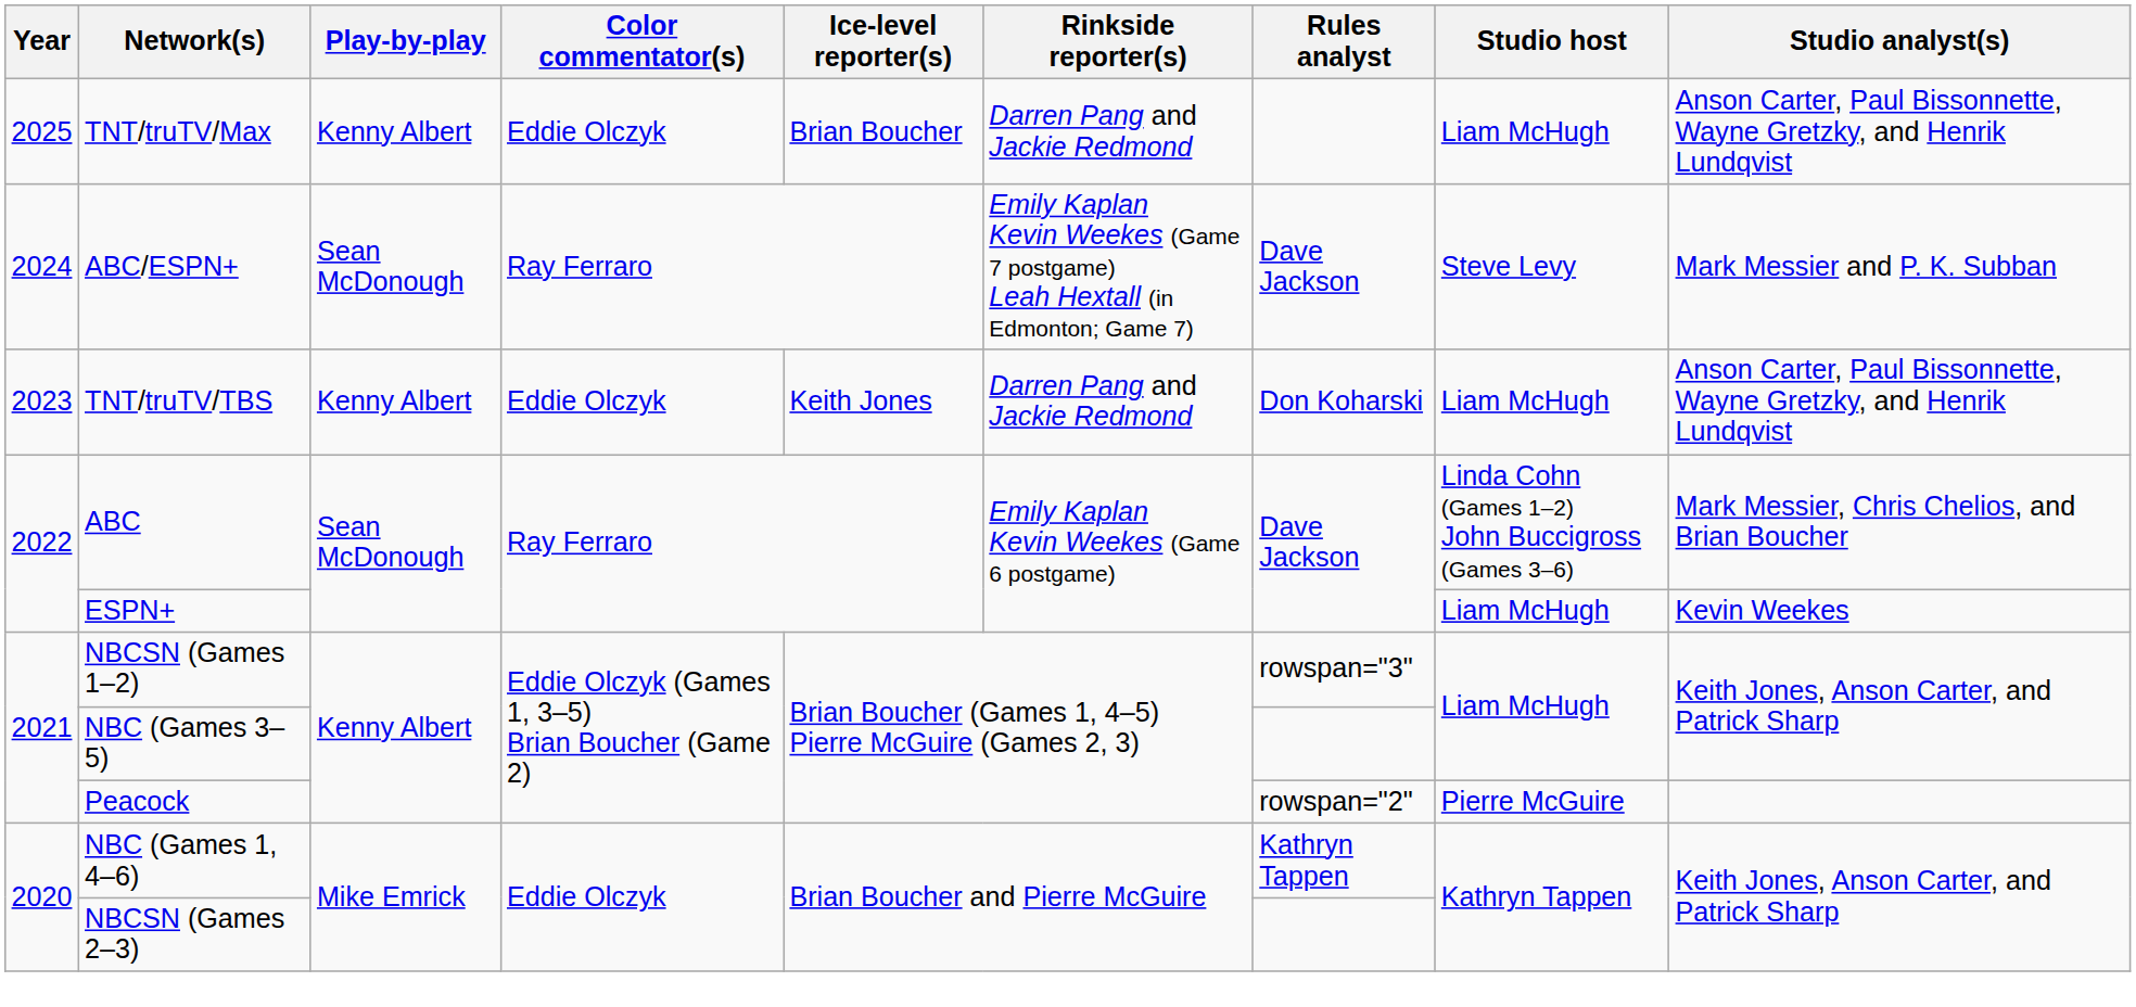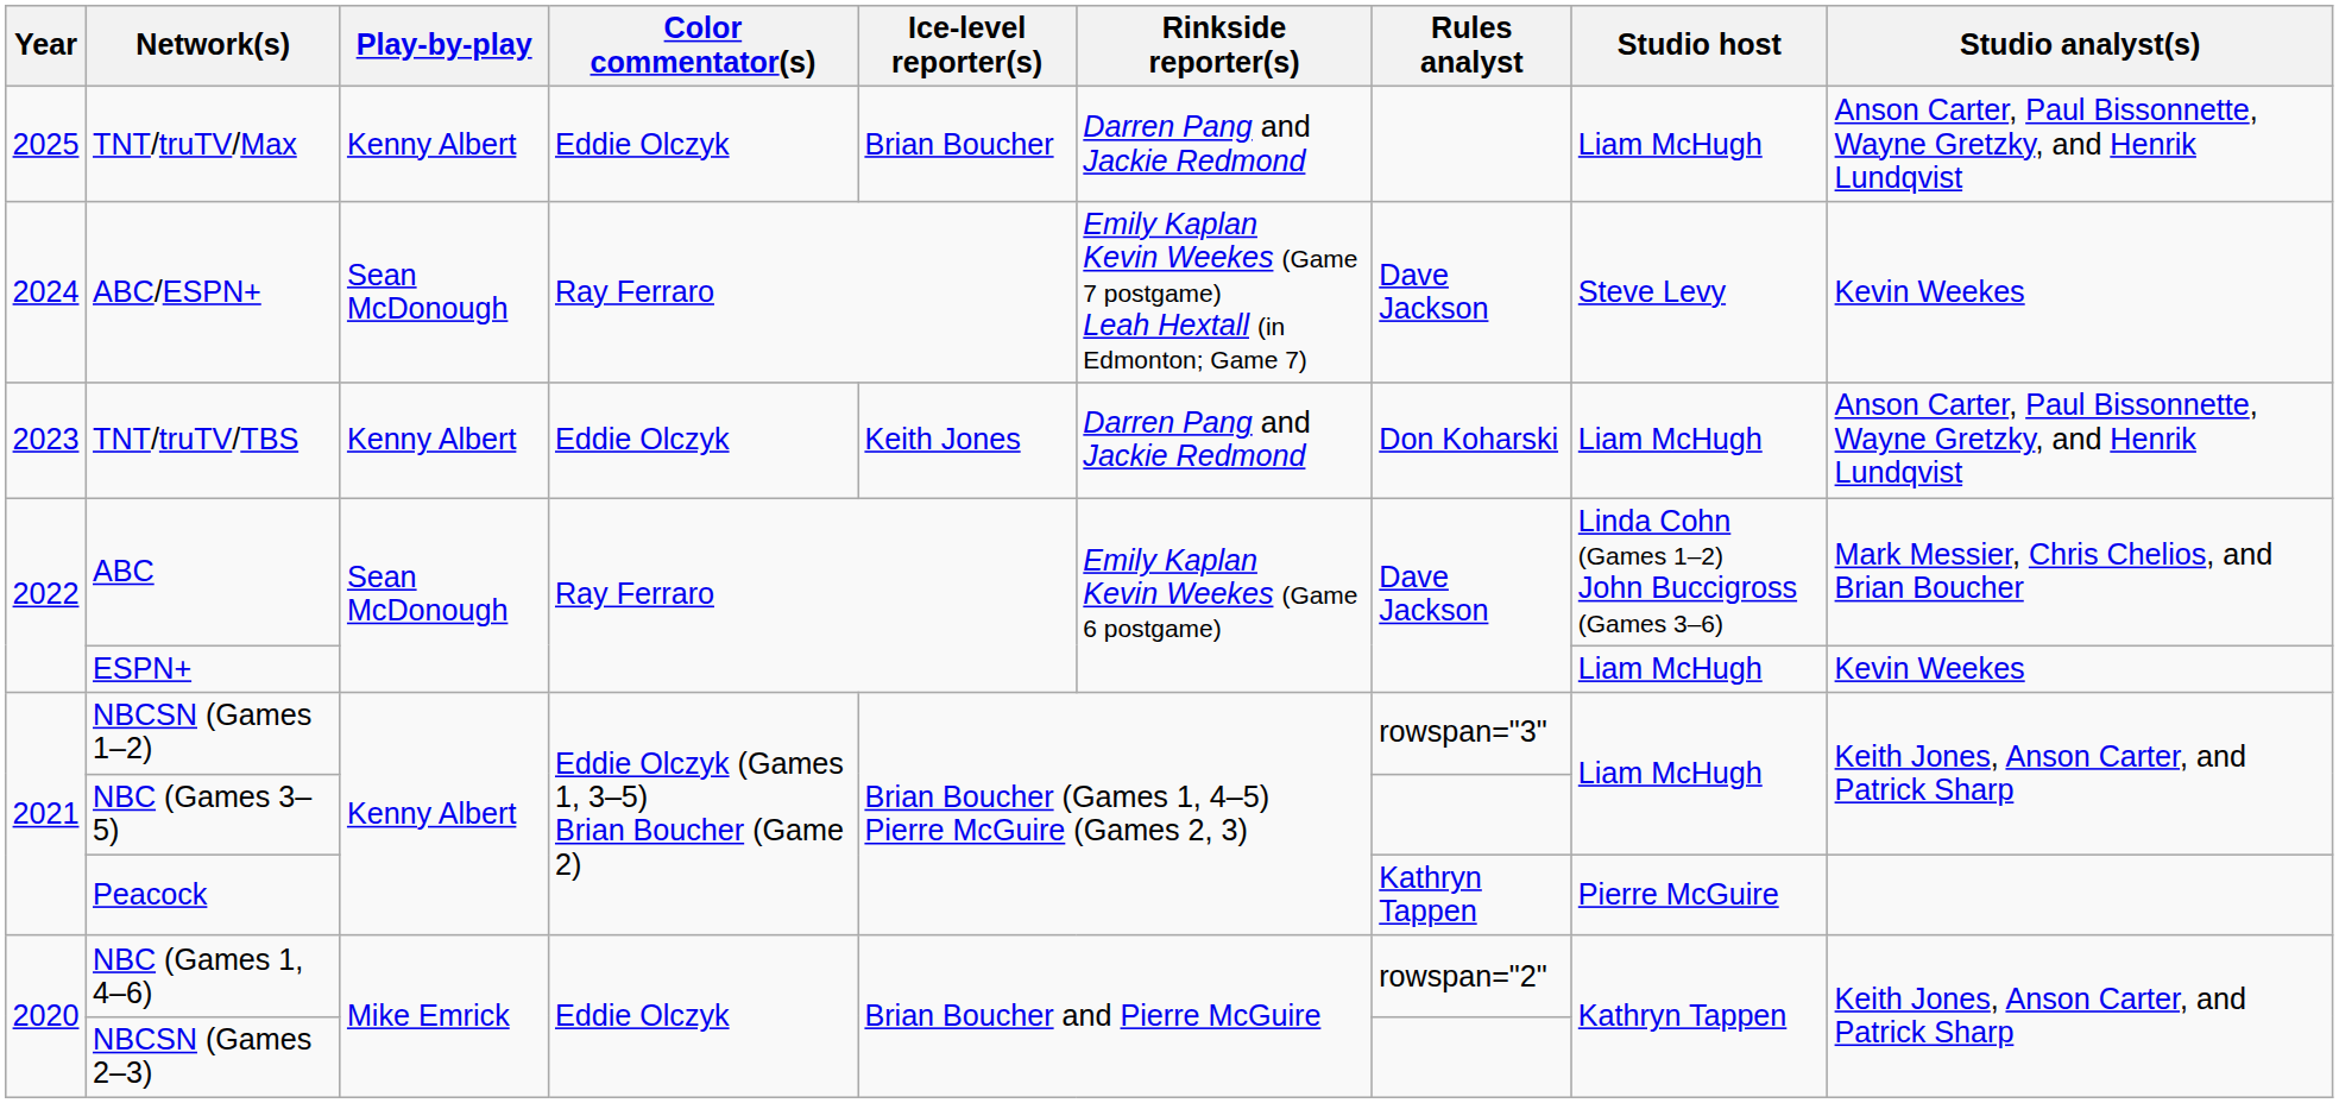 <table class="wikitable">
 <tr>
 <th>Year</th>
 <th>Network(s)</th>
 <th><a href='#'>Play-by-play</a></th>
 <th><a href='#'>Color commentator</a>(s)</th>
 <th>Ice-level reporter(s)</th>
 <th>Rinkside reporter(s)</th>
 <th>Rules analyst</th>
 <th>Studio host</th>
 <th>Studio analyst(s)</th>
 </tr>
 <tr>
 <td><a href='#'>2025</a></td>
 <td><a href='#'>TNT</a>/<a href='#'>truTV</a>/<a href='#'>Max</a></td>
 <td><a href='#'>Kenny Albert</a></td>
 <td><a href='#'>Eddie Olczyk</a></td>
 <td><a href='#'>Brian Boucher</a></td>
 <td><em><a href='#'>Darren Pang</a></em> and <em><a href='#'>Jackie Redmond</a></em></td>
 <td></td>
 <td><a href='#'>Liam McHugh</a></td>
 <td><a href='#'>Anson Carter</a>, <a href='#'>Paul Bissonnette</a>, <a href='#'>Wayne Gretzky</a>, and <a href='#'>Henrik Lundqvist</a></td>
 </tr>
 <tr>
 <td><a href='#'>2024</a></td>
 <td><a href='#'>ABC</a>/<a href='#'>ESPN+</a></td>
 <td><a href='#'>Sean McDonough</a></td>
 <td colspan="2"><a href='#'>Ray Ferraro</a></td>
 <td><em><a href='#'>Emily Kaplan</a></em><br><em><a href='#'>Kevin Weekes</a></em> <small>(Game 7 postgame)</small><br><em><a href='#'>Leah Hextall</a></em> <small>(in Edmonton; Game 7)</small></td>
 <td><a href='#'>Dave Jackson</a></td>
 <td><a href='#'>Steve Levy</a></td>
-<td><a href='#'>Mark Messier</a> and <a href='#'>P. K. Subban</a></td>
+<td><a href='#'>Kevin Weekes</a></td>
 </tr>
 <tr>
 <td><a href='#'>2023</a></td>
 <td><a href='#'>TNT</a>/<a href='#'>truTV</a>/<a href='#'>TBS</a> </td>
 <td><a href='#'>Kenny Albert</a></td>
 <td><a href='#'>Eddie Olczyk</a></td>
 <td><a href='#'>Keith Jones</a></td>
 <td><em><a href='#'>Darren Pang</a></em> and <em><a href='#'>Jackie Redmond</a></em></td>
 <td><a href='#'>Don Koharski</a></td>
 <td><a href='#'>Liam McHugh</a></td>
 <td><a href='#'>Anson Carter</a>, <a href='#'>Paul Bissonnette</a>, <a href='#'>Wayne Gretzky</a>, and <a href='#'>Henrik Lundqvist</a></td>
 </tr>
 <tr>
 <td rowspan="2"><a href='#'>2022</a></td>
 <td><a href='#'>ABC</a></td>
 <td rowspan="2"><a href='#'>Sean McDonough</a></td>
 <td colspan=2 rowspan="2"><a href='#'>Ray Ferraro</a></td>
 <td rowspan="2"><em><a href='#'>Emily Kaplan</a></em><br><em><a href='#'>Kevin Weekes</a></em> <small>(Game 6 postgame)</small></td>
 <td rowspan="2"><a href='#'>Dave Jackson</a></td>
 <td><a href='#'>Linda Cohn</a> <small>(Games 1–2)</small><br><a href='#'>John Buccigross</a> <small>(Games 3–6)</small></td>
 <td><a href='#'>Mark Messier</a>, <a href='#'>Chris Chelios</a>, and <a href='#'>Brian Boucher</a></td>
 </tr>
 <tr>
 <td><a href='#'>ESPN+</a></td>
 <td><a href='#'>Liam McHugh</a></td>
 <td><a href='#'>Kevin Weekes</a></td>
 </tr>
 <tr>
 <td rowspan="3"><a href='#'>2021</a></td>
 <td><a href='#'>NBCSN</a> (Games 1–2)</td>
 <td rowspan="3"><a href='#'>Kenny Albert</a></td>
 <td rowspan="3"><a href='#'>Eddie Olczyk</a> (Games 1, 3–5)<br><a href='#'>Brian Boucher</a> (Game 2)</td>
 <td colspan=2 rowspan="3"><a href='#'>Brian Boucher</a> (Games 1, 4–5)<br><a href='#'>Pierre McGuire</a> (Games 2, 3)</td>
 <td>rowspan="3" </td>
 <td rowspan="2"><a href='#'>Liam McHugh</a></td>
 <td rowspan="2"><a href='#'>Keith Jones</a>, <a href='#'>Anson Carter</a>, and <a href='#'>Patrick Sharp</a></td>
 </tr>
 <tr>
 <td><a href='#'>NBC</a> (Games 3–5)</td>
 </tr>
 <tr>
 <td><a href='#'>Peacock</a></td>
-<td>rowspan="2"</td>
+<td><a href='#'>Kathryn Tappen</a></td>
 <td><a href='#'>Pierre McGuire</a></td>
 </tr>
 <tr>
 <td rowspan="2"><a href='#'>2020</a></td>
 <td><a href='#'>NBC</a> (Games 1, 4–6)</td>
 <td rowspan="2"><a href='#'>Mike Emrick</a></td>
 <td rowspan="2"><a href='#'>Eddie Olczyk</a></td>
 <td colspan="2" rowspan=2><a href='#'>Brian Boucher</a> and <a href='#'>Pierre McGuire</a></td>
-<td><a href='#'>Kathryn Tappen</a></td>
+<td>rowspan="2"</td>
 <td rowspan="2"><a href='#'>Kathryn Tappen</a></td>
 <td rowspan="2"><a href='#'>Keith Jones</a>, <a href='#'>Anson Carter</a>, and <a href='#'>Patrick Sharp</a></td>
 </tr>
 <tr>
 <td><a href='#'>NBCSN</a> (Games 2–3)</td>
 </tr>
 </table>
